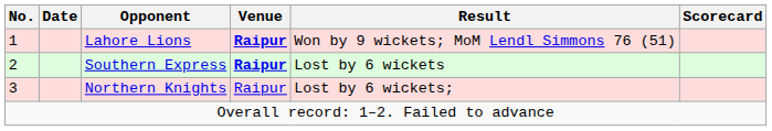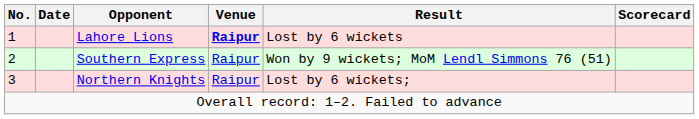 <table class="wikitable sortable">
 <tr>
 <th>No.</th>
 <th>Date</th>
 <th>Opponent</th>
 <th>Venue</th>
 <th>Result</th>
 <th>Scorecard</th>
 </tr>
 <tr style="background:#fdd;">
 <td>1</td>
 <td></td>
 <td><a href='#'>Lahore Lions</a></td>
 <td><strong><a href='#'>Raipur</a></strong></td>
-<td><span></span>Won by 9 wickets; MoM <a href='#'>Lendl Simmons</a> 76 (51)</td>
+<td><span></span>Lost by 6 wickets</td>
 <td></td>
 </tr>
 <tr style="background:#dfd;">
 <td>2</td>
 <td></td>
 <td><a href='#'>Southern Express</a></td>
-<td><strong><a href='#'>Raipur</a></strong></td>
-<td><span></span>Lost by 6 wickets</td>
+<td><a href='#'>Raipur</a></td>
+<td><span></span>Won by 9 wickets; MoM <a href='#'>Lendl Simmons</a> 76 (51)</td>
 <td></td>
 </tr>
 <tr style="background:#fdd;">
 <td>3</td>
 <td></td>
 <td><a href='#'>Northern Knights</a></td>
 <td><a href='#'>Raipur</a></td>
 <td><span></span>Lost by 6 wickets;</td>
 <td></td>
 </tr>
 <tr class="sortbottom">
 <td colspan="6" style="text-align:center;">Overall record: 1–2. Failed to advance</td>
 </tr>
 </table>
